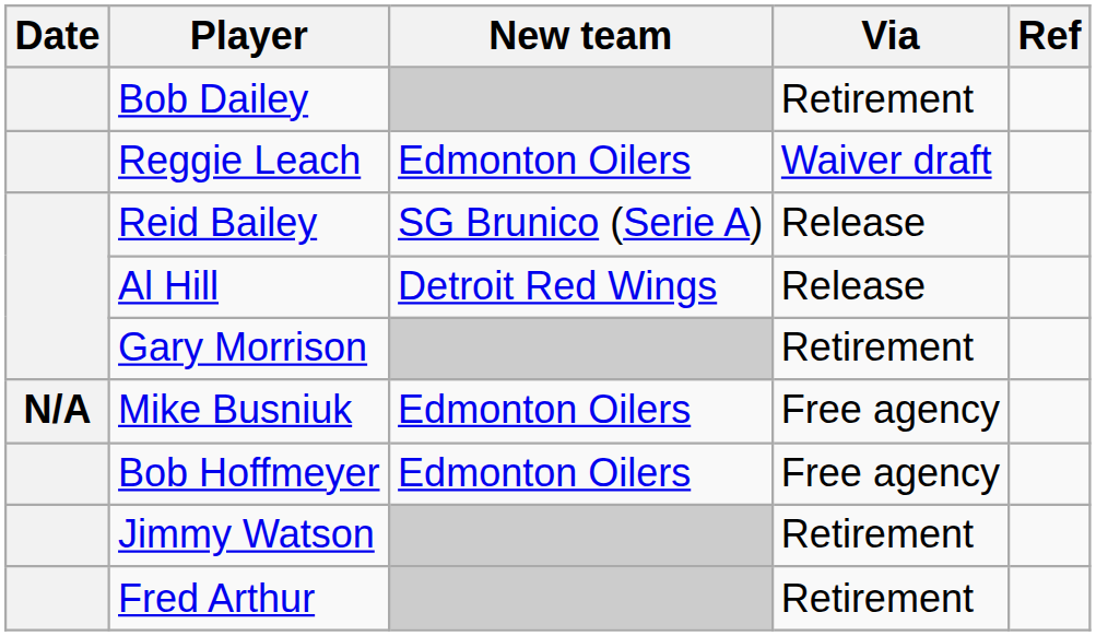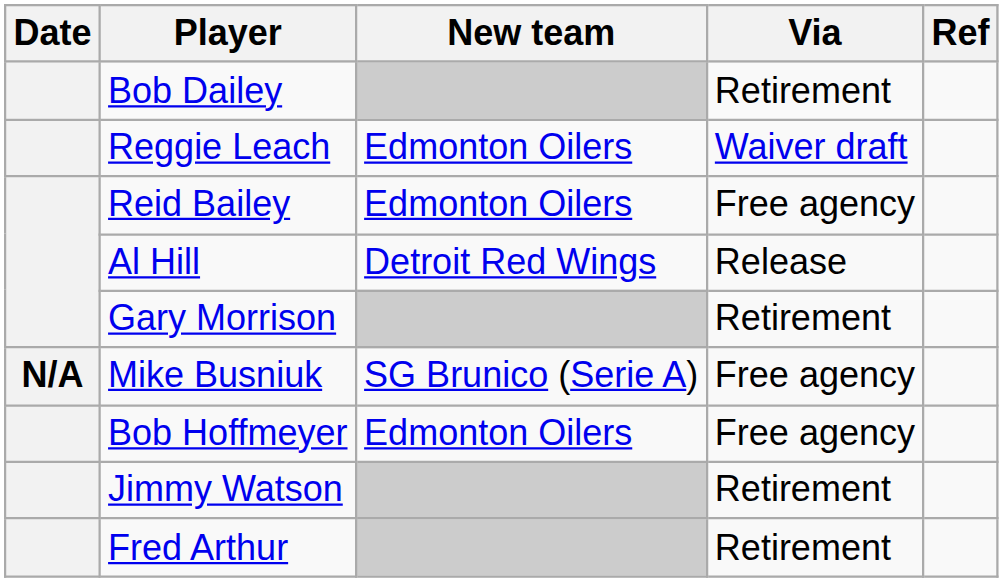 <table class="wikitable plainrowheaders">
 <tr style="background:#ddd; text-align:center;">
 <th>Date</th>
 <th>Player</th>
 <th>New team</th>
 <th>Via</th>
 <th>Ref</th>
 </tr>
 <tr>
 <th scope="row"></th>
 <td><a href='#'>Bob Dailey</a></td>
 <td style="background:#ccc"></td>
 <td>Retirement</td>
 <td></td>
 </tr>
 <tr>
 <th scope="row"></th>
 <td><a href='#'>Reggie Leach</a></td>
 <td><a href='#'>Edmonton Oilers</a></td>
 <td><a href='#'>Waiver draft</a></td>
 <td></td>
 </tr>
 <tr>
 <th scope="row" rowspan="3"></th>
 <td><a href='#'>Reid Bailey</a></td>
-<td><a href='#'>SG Brunico</a> (<a href='#'>Serie A</a>)</td>
-<td>Release</td>
+<td><a href='#'>Edmonton Oilers</a></td>
+<td>Free agency</td>
 <td></td>
 </tr>
 <tr>
 <td><a href='#'>Al Hill</a></td>
 <td><a href='#'>Detroit Red Wings</a></td>
 <td>Release</td>
 <td></td>
 </tr>
 <tr>
 <td><a href='#'>Gary Morrison</a></td>
 <td style="background:#ccc"></td>
 <td>Retirement</td>
 <td></td>
 </tr>
 <tr>
 <th scope="row">N/A</th>
 <td><a href='#'>Mike Busniuk</a></td>
-<td><a href='#'>Edmonton Oilers</a></td>
+<td><a href='#'>SG Brunico</a> (<a href='#'>Serie A</a>)</td>
 <td>Free agency</td>
 <td></td>
 </tr>
 <tr>
 <th scope="row"></th>
 <td><a href='#'>Bob Hoffmeyer</a></td>
 <td><a href='#'>Edmonton Oilers</a></td>
 <td>Free agency</td>
 <td></td>
 </tr>
 <tr>
 <th scope="row"></th>
 <td><a href='#'>Jimmy Watson</a></td>
 <td style="background:#ccc"></td>
 <td>Retirement</td>
 <td></td>
 </tr>
 <tr>
 <th scope="row"></th>
 <td><a href='#'>Fred Arthur</a></td>
 <td style="background:#ccc"></td>
 <td>Retirement</td>
 <td></td>
 </tr>
 </table>
